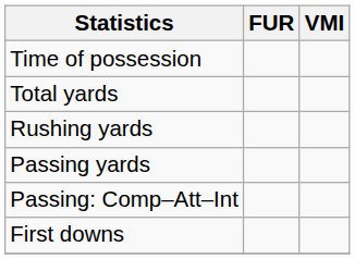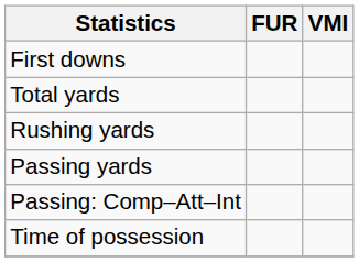 <table class="wikitable" style="float: left;">
 <tr>
 <th>Statistics</th>
 <th>FUR</th>
 <th>VMI</th>
 </tr>
 <tr>
-<td>Time of possession</td>
+<td>First downs</td>
 <td></td>
 <td></td>
 </tr>
 <tr>
 <td>Total yards</td>
 <td></td>
 <td></td>
 </tr>
 <tr>
 <td>Rushing yards</td>
 <td></td>
 <td></td>
 </tr>
 <tr>
 <td>Passing yards</td>
 <td></td>
 <td></td>
 </tr>
 <tr>
 <td>Passing: Comp–Att–Int</td>
 <td></td>
 <td></td>
 </tr>
 <tr>
-<td>First downs</td>
+<td>Time of possession</td>
 <td></td>
 <td></td>
 </tr>
 <tr>
 </tr>
 </table>
